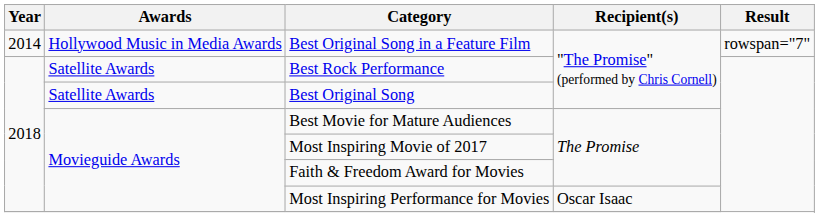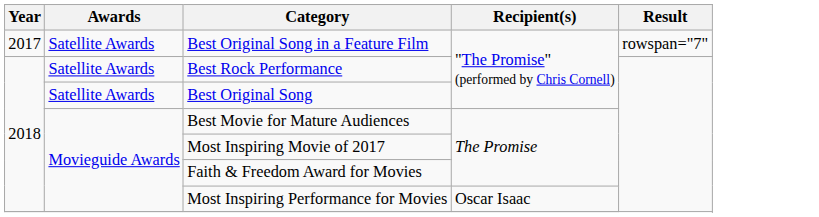 <table class="wikitable sortable">
 <tr>
 <th>Year</th>
 <th>Awards</th>
 <th>Category</th>
 <th>Recipient(s)</th>
 <th>Result</th>
 </tr>
 <tr>
-<td>2014</td>
-<td><a href='#'>Hollywood Music in Media Awards</a></td>
+<td>2017</td>
+<td><a href='#'>Satellite Awards</a></td>
 <td><a href='#'>Best Original Song in a Feature Film</a></td>
 <td rowspan="3">"<a href='#'>The Promise</a>"<br><small>(performed by <a href='#'>Chris Cornell</a>)</small></td>
 <td>rowspan="7" </td>
 </tr>
 <tr>
 <td rowspan="6">2018</td>
 <td><a href='#'>Satellite Awards</a></td>
 <td><a href='#'>Best Rock Performance</a></td>
 </tr>
 <tr>
 <td><a href='#'>Satellite Awards</a></td>
 <td><a href='#'>Best Original Song</a></td>
 </tr>
 <tr>
 <td rowspan="4"><a href='#'>Movieguide Awards</a></td>
 <td>Best Movie for Mature Audiences</td>
 <td rowspan="3"><em>The Promise</em></td>
 </tr>
 <tr>
 <td>Most Inspiring Movie of 2017</td>
 </tr>
 <tr>
 <td>Faith & Freedom Award for Movies</td>
 </tr>
 <tr>
 <td>Most Inspiring Performance for Movies</td>
 <td>Oscar Isaac</td>
 </tr>
 <tr>
 </tr>
 </table>
